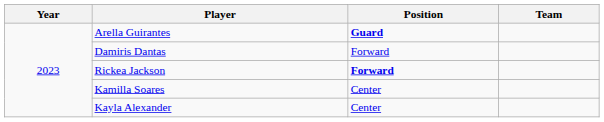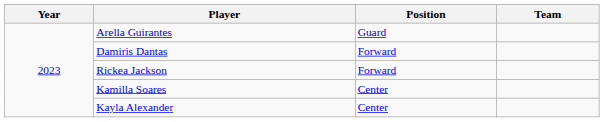 <table class="wikitable" style="width: 40%; text-align:center; font-size:95%">
 <tr>
 <th>Year</th>
 <th>Player</th>
 <th>Position</th>
 <th>Team</th>
 </tr>
 <tr>
 <td rowspan=5><a href='#'>2023</a></td>
 <td align=left><a href='#'>Arella Guirantes</a></td>
-<td align=left><strong><a href='#'>Guard</a></strong></td>
+<td align=left><a href='#'>Guard</a></td>
 <td align=left></td>
 </tr>
 <tr>
 <td align=left><a href='#'>Damiris Dantas</a></td>
 <td align=left><a href='#'>Forward</a></td>
 <td align=left></td>
 </tr>
 <tr>
 <td align=left><a href='#'>Rickea Jackson</a></td>
-<td align=left><strong><a href='#'>Forward</a></strong></td>
+<td align=left><a href='#'>Forward</a></td>
 <td align=left></td>
 </tr>
 <tr>
 <td align=left><a href='#'>Kamilla Soares</a></td>
 <td align=left><a href='#'>Center</a></td>
 <td align=left></td>
 </tr>
 <tr>
 <td align=left><a href='#'>Kayla Alexander</a></td>
 <td align=left><a href='#'>Center</a></td>
 <td align=left></td>
 </tr>
 </table>
